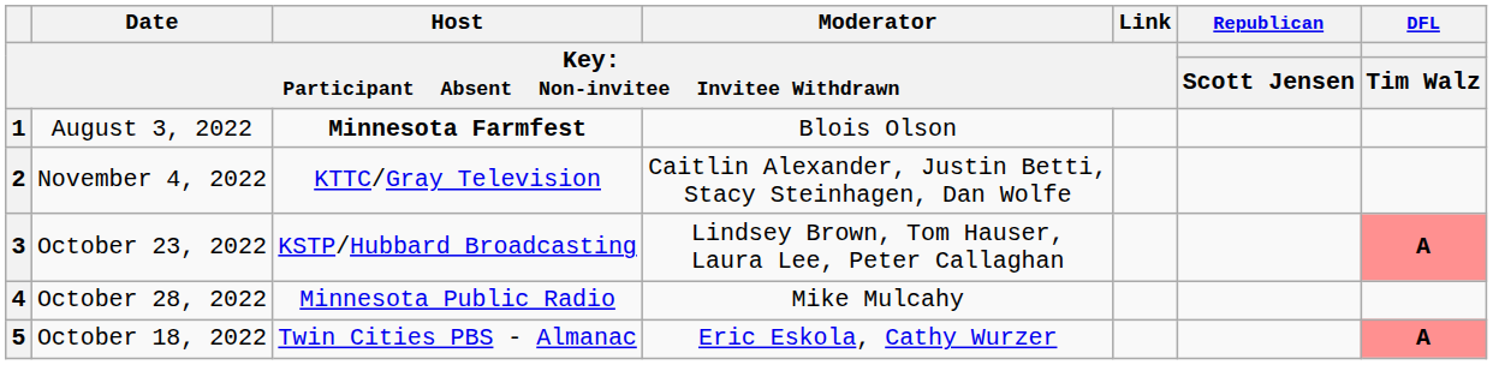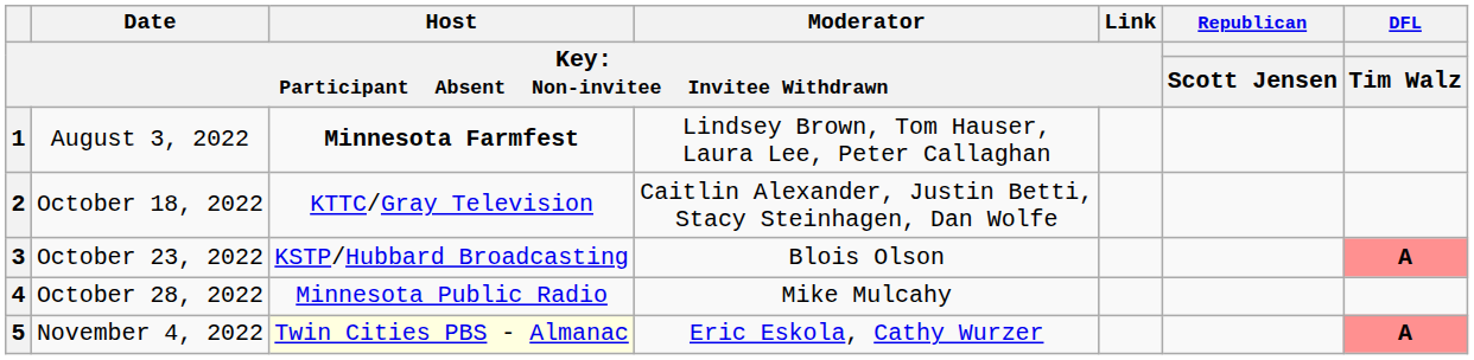 <table class="wikitable" style="text-align:center;">
 <tr style="font-size:small;">
 <th scope="col"></th>
 <th scope="col">Date</th>
 <th scope="col">Host</th>
 <th scope="col">Moderator</th>
 <th scope="col">Link</th>
 <th scope="col"><small><a href='#'>Republican</a></small></th>
 <th scope="col"><small><a href='#'>DFL</a></small></th>
 </tr>
 <tr>
 <th colspan="5" rowspan="2">Key:<br> <small>Participant </small>  <small>Absent </small>  <small>Non-invitee </small>  <small>Invitee  Withdrawn</small></th>
 <th scope="col" style="background:"></th>
 <th scope="col" style="background:"></th>
 </tr>
 <tr>
 <th scope="col">Scott Jensen</th>
 <th scope="col">Tim Walz</th>
 </tr>
 <tr>
 <th scope="row">1</th>
 <td style="white-space:nowrap;">August 3, 2022</td>
 <td style="white-space:nowrap;"><strong>Minnesota Farmfest</strong></td>
-<td style="white-space:nowrap;">Blois Olson</td>
+<td style="white-space:nowrap;">Lindsey Brown, Tom Hauser,<br>Laura Lee, Peter Callaghan</td>
 <td style="white-space:nowrap;"></td>
 <td></td>
 <td></td>
 </tr>
 <tr>
 <th scope="row">2</th>
-<td style="white-space:nowrap;">November 4, 2022</td>
+<td style="white-space:nowrap;">October 18, 2022</td>
 <td style="white-space:nowrap;"><a href='#'>KTTC</a>/<a href='#'>Gray Television</a></td>
 <td style="white-space:nowrap;">Caitlin Alexander, Justin Betti,<br>Stacy Steinhagen, Dan Wolfe</td>
 <td style="white-space:nowrap;"></td>
 <td></td>
 <td></td>
 </tr>
 <tr>
 <th scope="row">3</th>
 <td style="white-space:nowrap;">October 23, 2022</td>
 <td style="white-space:nowrap;"><a href='#'>KSTP</a>/<a href='#'>Hubbard Broadcasting</a></td>
-<td style="white-space:nowrap;">Lindsey Brown, Tom Hauser,<br>Laura Lee, Peter Callaghan</td>
+<td style="white-space:nowrap;">Blois Olson</td>
 <td style="white-space:nowrap;"></td>
 <td></td>
 <td style="background:#ff9090; color:black; text-align:center;"><strong>A</strong></td>
 </tr>
 <tr>
 <th scope="row">4</th>
 <td style="white-space:nowrap;">October 28, 2022</td>
 <td style="white-space:nowrap;"><a href='#'>Minnesota Public Radio</a></td>
 <td style="white-space:nowrap;">Mike Mulcahy</td>
 <td style="white-space:nowrap;"></td>
 <td></td>
 <td></td>
 </tr>
 <tr>
 <th scope="row">5</th>
-<td style="white-space:nowrap;">October 18, 2022</td>
-<td style="white-space:nowrap;"><a href='#'>Twin Cities PBS</a> - <a href='#'>Almanac</a></td>
+<td style="white-space:nowrap;">November 4, 2022</td>
+<td style="background: lightyellow; white-space:nowrap;"><a href='#'>Twin Cities PBS</a> - <a href='#'>Almanac</a></td>
 <td style="white-space:nowrap;"><a href='#'>Eric Eskola</a>, <a href='#'>Cathy Wurzer</a></td>
 <td style="white-space:nowrap;"></td>
 <td></td>
 <td style="background:#ff9090; color:black; text-align:center;"><strong>A</strong></td>
 </tr>
 </table>
